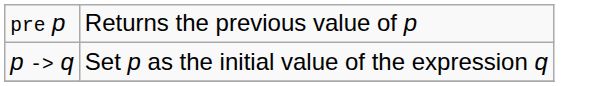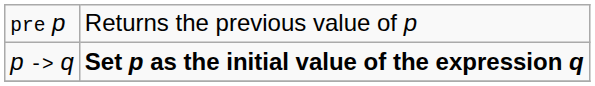 <table class="wikitable">
 <tr>
 <td><code>pre</code> <em>p</em></td>
 <td>Returns the previous value of <em>p</em></td>
 </tr>
 <tr>
 <td><em>p</em> <code>-></code> <em>q</em></td>
-<td>Set <em>p</em> as the initial value of the expression <em>q</em></td>
+<td><strong>Set <em>p</em> as the initial value of the expression <em>q</em></strong></td>
 </tr>
 <tr>
 </tr>
 </table>
